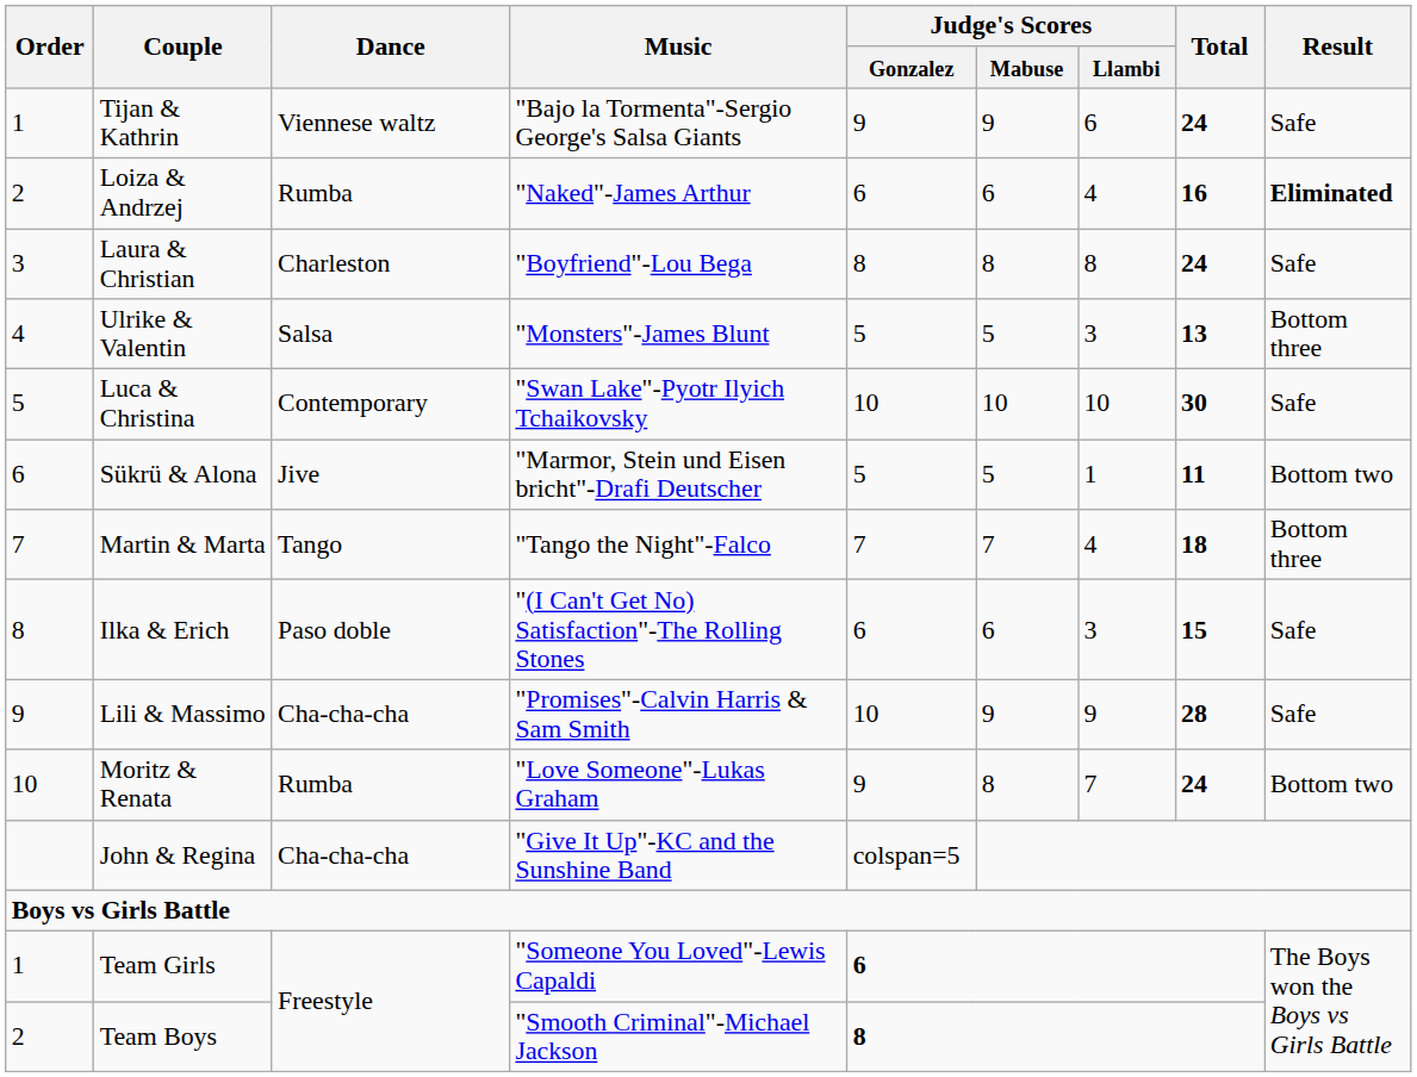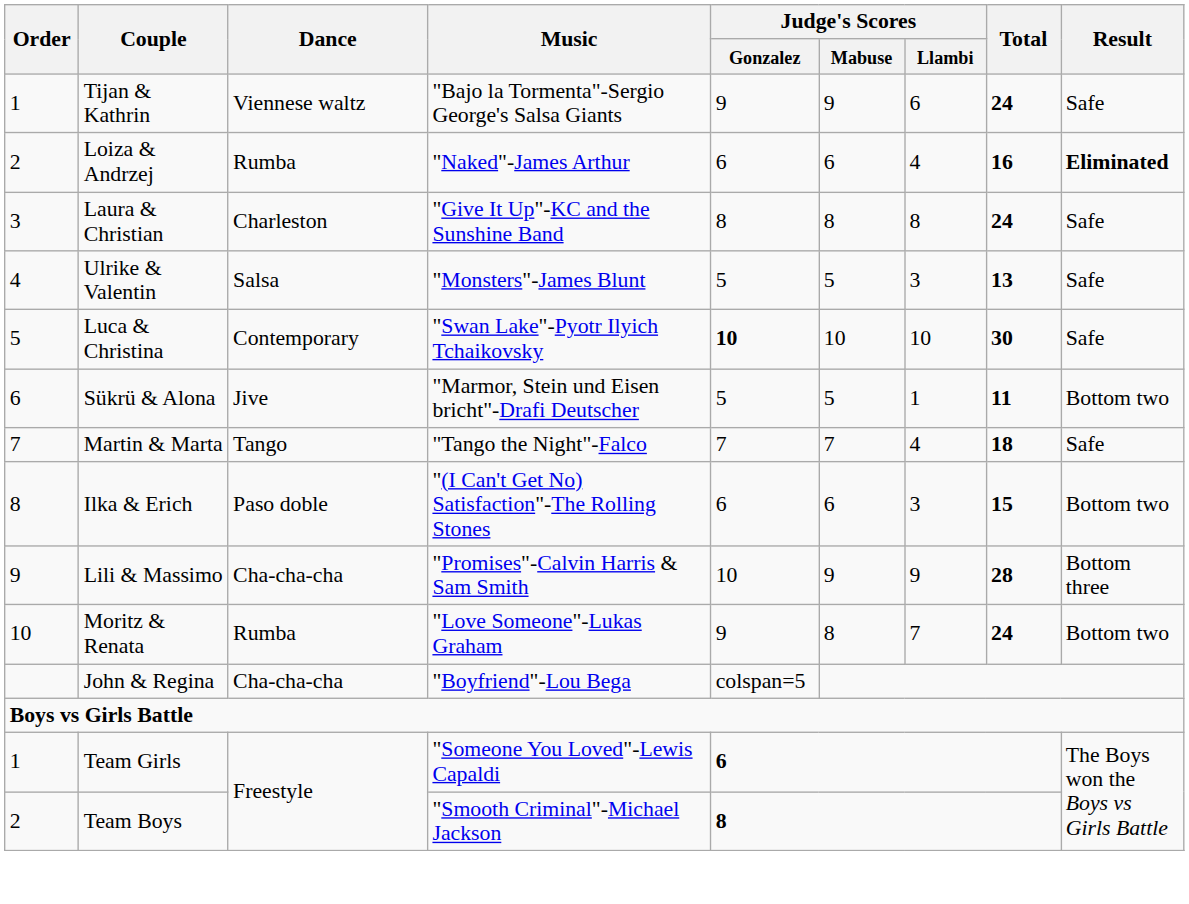 <table class="wikitable sortable center">
 <tr>
 <th rowspan="2" style="width: 4em">Order</th>
 <th rowspan="2" style="width: 17em">Couple</th>
 <th rowspan="2" style="width: 20em">Dance</th>
 <th rowspan="2" style="width: 40em">Music</th>
 <th colspan="3">Judge's Scores</th>
 <th rowspan="2" style="width: 6em">Total</th>
 <th rowspan="2" style="width: 7em">Result</th>
 </tr>
 <tr>
 <th style="width: 6em"><small>Gonzalez</small></th>
 <th style="width: 6em"><small>Mabuse</small></th>
 <th style="width: 6em"><small>Llambi</small></th>
 </tr>
 <tr>
 <td>1</td>
 <td>Tijan & Kathrin</td>
 <td>Viennese waltz</td>
 <td>"Bajo la Tormenta"-Sergio George's Salsa Giants</td>
 <td>9</td>
 <td>9</td>
 <td>6</td>
 <td><strong>24</strong></td>
 <td>Safe</td>
 </tr>
 <tr>
 <td>2</td>
 <td>Loiza & Andrzej</td>
 <td>Rumba</td>
 <td>"<a href='#'>Naked</a>"-<a href='#'>James Arthur</a></td>
 <td>6</td>
 <td>6</td>
 <td>4</td>
 <td><strong>16</strong></td>
 <td><strong>Eliminated</strong></td>
 </tr>
 <tr>
 <td>3</td>
 <td>Laura & Christian</td>
 <td>Charleston</td>
-<td>"<a href='#'>Boyfriend</a>"-<a href='#'>Lou Bega</a></td>
+<td>"<a href='#'>Give It Up</a>"-<a href='#'>KC and the Sunshine Band</a></td>
 <td>8</td>
 <td>8</td>
 <td>8</td>
 <td><strong>24</strong></td>
 <td>Safe</td>
 </tr>
 <tr>
 <td>4</td>
 <td>Ulrike & Valentin</td>
 <td>Salsa</td>
 <td>"<a href='#'>Monsters</a>"-<a href='#'>James Blunt</a></td>
 <td>5</td>
 <td>5</td>
 <td>3</td>
 <td><strong>13</strong></td>
-<td>Bottom three</td>
+<td>Safe</td>
 </tr>
 <tr>
 <td>5</td>
 <td>Luca & Christina</td>
 <td>Contemporary</td>
 <td>"<a href='#'>Swan Lake</a>"-<a href='#'>Pyotr Ilyich Tchaikovsky</a></td>
-<td>10</td>
+<td><strong>10</strong></td>
 <td>10</td>
 <td>10</td>
 <td><strong>30</strong></td>
 <td>Safe</td>
 </tr>
 <tr>
 <td>6</td>
 <td>Sükrü & Alona</td>
 <td>Jive</td>
 <td>"Marmor, Stein und Eisen bricht"-<a href='#'>Drafi Deutscher</a></td>
 <td>5</td>
 <td>5</td>
 <td>1</td>
 <td><strong>11</strong></td>
 <td>Bottom two</td>
 </tr>
 <tr>
 <td>7</td>
 <td>Martin & Marta</td>
 <td>Tango</td>
 <td>"Tango the Night"-<a href='#'>Falco</a></td>
 <td>7</td>
 <td>7</td>
 <td>4</td>
 <td><strong>18</strong></td>
-<td>Bottom three</td>
+<td>Safe</td>
 </tr>
 <tr>
 <td>8</td>
 <td>Ilka & Erich</td>
 <td>Paso doble</td>
 <td>"<a href='#'>(I Can't Get No) Satisfaction</a>"-<a href='#'>The Rolling Stones</a></td>
 <td>6</td>
 <td>6</td>
 <td>3</td>
 <td><strong>15</strong></td>
-<td>Safe</td>
+<td>Bottom two</td>
 </tr>
 <tr>
 <td>9</td>
 <td>Lili & Massimo</td>
 <td>Cha-cha-cha</td>
 <td>"<a href='#'>Promises</a>"-<a href='#'>Calvin Harris</a> & <a href='#'>Sam Smith</a></td>
 <td>10</td>
 <td>9</td>
 <td>9</td>
 <td><strong>28</strong></td>
-<td>Safe</td>
+<td>Bottom three</td>
 </tr>
 <tr>
 <td>10</td>
 <td>Moritz & Renata</td>
 <td>Rumba</td>
 <td>"<a href='#'>Love Someone</a>"-<a href='#'>Lukas Graham</a></td>
 <td>9</td>
 <td>8</td>
 <td>7</td>
 <td><strong>24</strong></td>
 <td>Bottom two</td>
 </tr>
 <tr>
 <td></td>
 <td>John & Regina</td>
 <td>Cha-cha-cha</td>
-<td>"<a href='#'>Give It Up</a>"-<a href='#'>KC and the Sunshine Band</a></td>
+<td>"<a href='#'>Boyfriend</a>"-<a href='#'>Lou Bega</a></td>
 <td>colspan=5 </td>
 </tr>
 <tr>
 <td colspan="9"><strong>Boys vs Girls Battle</strong></td>
 </tr>
 <tr>
 <td>1</td>
 <td>Team Girls</td>
 <td rowspan="2">Freestyle</td>
 <td>"<a href='#'>Someone You Loved</a>"-<a href='#'>Lewis Capaldi</a></td>
 <td colspan="4"><strong>6</strong></td>
 <td rowspan="2">The Boys won the <em>Boys vs Girls Battle</em></td>
 </tr>
 <tr>
 <td>2</td>
 <td>Team Boys</td>
 <td>"<a href='#'>Smooth Criminal</a>"-<a href='#'>Michael Jackson</a></td>
 <td colspan="4"><strong>8</strong></td>
 </tr>
 <tr>
 </tr>
 </table>
